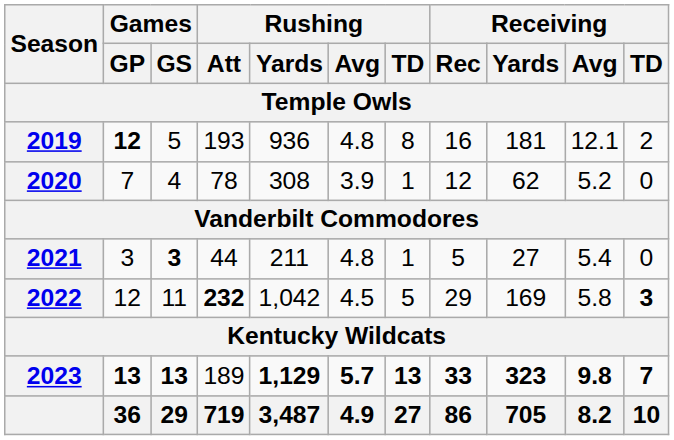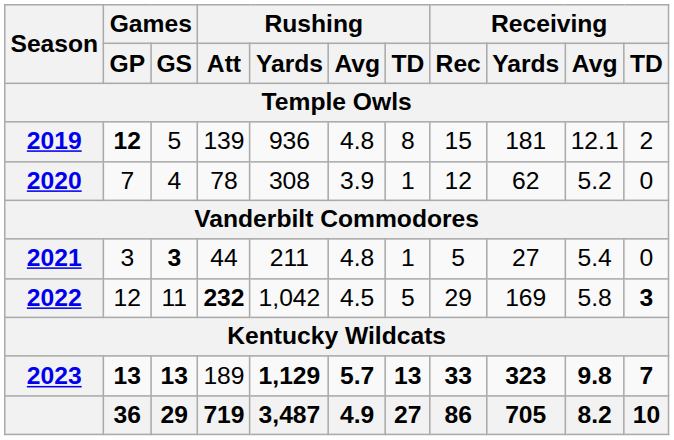 <table class="wikitable" style="text-align:center;">
 <tr>
 <th rowspan="2">Season</th>
 <th colspan="2">Games</th>
 <th colspan="4">Rushing</th>
 <th colspan="4">Receiving</th>
 </tr>
 <tr>
 <th>GP</th>
 <th>GS</th>
 <th>Att</th>
 <th>Yards</th>
 <th>Avg</th>
 <th>TD</th>
 <th>Rec</th>
 <th>Yards</th>
 <th>Avg</th>
 <th>TD</th>
 </tr>
 <tr>
 <th colspan="15">Temple Owls</th>
 </tr>
 <tr>
 <th><a href='#'>2019</a></th>
 <td><strong>12</strong></td>
 <td>5</td>
-<td>193</td>
+<td>139</td>
 <td>936</td>
 <td>4.8</td>
 <td>8</td>
-<td>16</td>
+<td>15</td>
 <td>181</td>
 <td>12.1</td>
 <td>2</td>
 </tr>
 <tr>
 <th><a href='#'>2020</a></th>
 <td>7</td>
 <td>4</td>
 <td>78</td>
 <td>308</td>
 <td>3.9</td>
 <td>1</td>
 <td>12</td>
 <td>62</td>
 <td>5.2</td>
 <td>0</td>
 </tr>
 <tr>
 <th colspan="15">Vanderbilt Commodores</th>
 </tr>
 <tr>
 <th><a href='#'>2021</a></th>
 <td>3</td>
 <td><strong>3</strong></td>
 <td>44</td>
 <td>211</td>
 <td>4.8</td>
 <td>1</td>
 <td>5</td>
 <td>27</td>
 <td>5.4</td>
 <td>0</td>
 </tr>
 <tr>
 <th><a href='#'>2022</a></th>
 <td>12</td>
 <td>11</td>
 <td><strong>232</strong></td>
 <td>1,042</td>
 <td>4.5</td>
 <td>5</td>
 <td>29</td>
 <td>169</td>
 <td>5.8</td>
 <td><strong>3</strong></td>
 </tr>
 <tr>
 <th colspan="15">Kentucky Wildcats</th>
 </tr>
 <tr>
 <th><a href='#'>2023</a></th>
 <td><strong>13</strong></td>
 <td><strong>13</strong></td>
 <td>189</td>
 <td><strong>1,129</strong></td>
 <td><strong>5.7</strong></td>
 <td><strong>13</strong></td>
 <td><strong>33</strong></td>
 <td><strong>323</strong></td>
 <td><strong>9.8</strong></td>
 <td><strong>7</strong></td>
 </tr>
 <tr>
 <th></th>
 <th>36</th>
 <th>29</th>
 <th>719</th>
 <th>3,487</th>
 <th>4.9</th>
 <th>27</th>
 <th>86</th>
 <th>705</th>
 <th>8.2</th>
 <th>10</th>
 </tr>
 </table>
